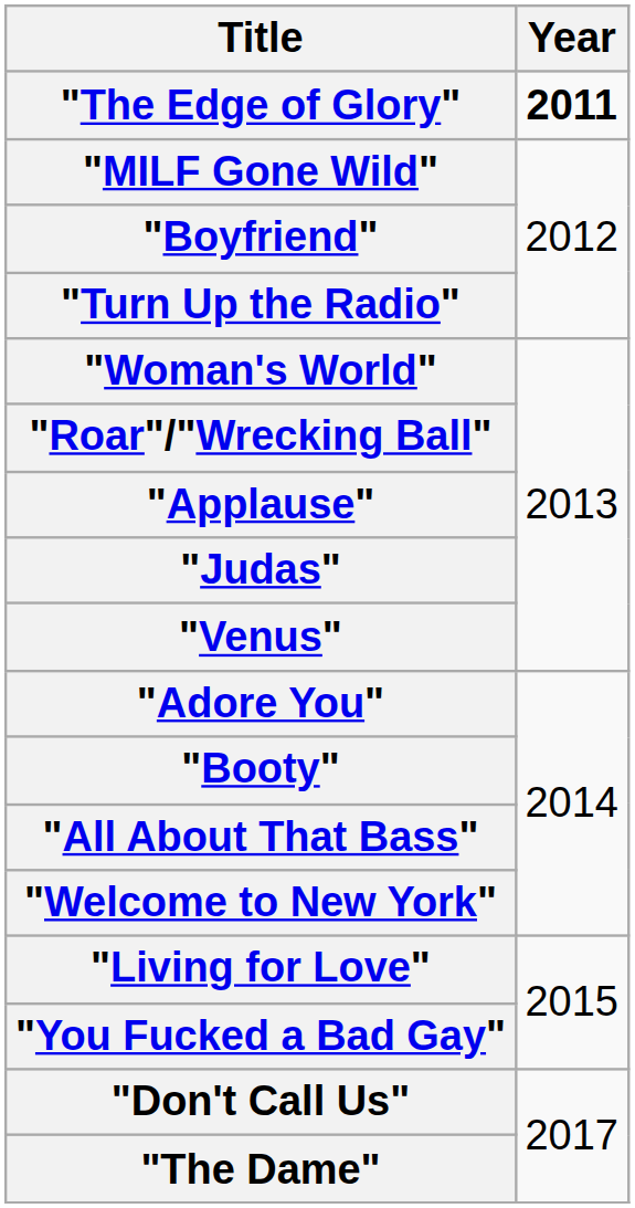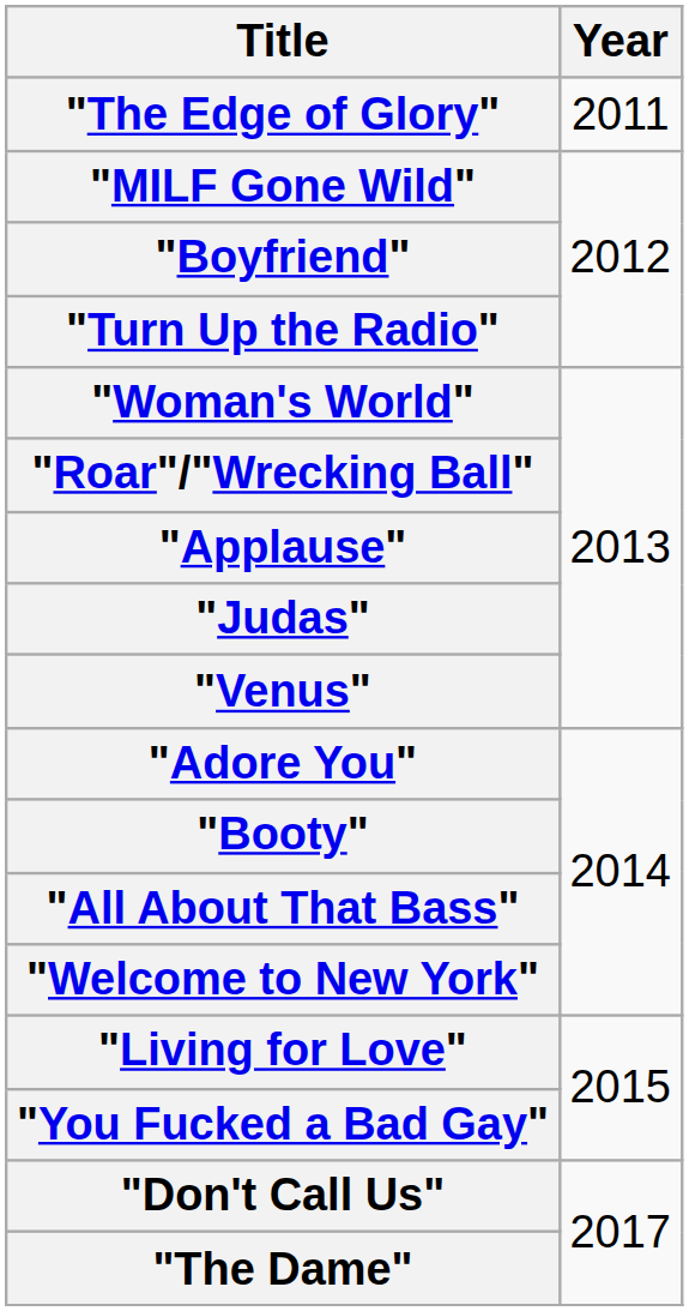 <table class="wikitable plainrowheaders" style="text-align:center;" border="1">
 <tr>
 <th scope="col">Title</th>
 <th scope="col">Year</th>
 </tr>
 <tr>
 <th scope="row">"<a href='#'>The Edge of Glory</a>"</th>
-<td><strong>2011</strong></td>
+<td>2011</td>
 </tr>
 <tr>
 <th scope="row">"<a href='#'>MILF Gone Wild</a>"</th>
 <td rowspan="3">2012</td>
 </tr>
 <tr>
 <th scope="row">"<a href='#'>Boyfriend</a>"</th>
 </tr>
 <tr>
 <th scope="row">"<a href='#'>Turn Up the Radio</a>"</th>
 </tr>
 <tr>
 <th scope="row">"<a href='#'>Woman's World</a>"</th>
 <td rowspan="5">2013</td>
 </tr>
 <tr>
 <th scope="row">"<a href='#'>Roar</a>"/"<a href='#'>Wrecking Ball</a>"</th>
 </tr>
 <tr>
 <th scope="row">"<a href='#'>Applause</a>"</th>
 </tr>
 <tr>
 <th scope="row">"<a href='#'>Judas</a>"</th>
 </tr>
 <tr>
 <th scope="row">"<a href='#'>Venus</a>"</th>
 </tr>
 <tr>
 <th scope="row">"<a href='#'>Adore You</a>"</th>
 <td rowspan="4">2014</td>
 </tr>
 <tr>
 <th scope="row">"<a href='#'>Booty</a>"</th>
 </tr>
 <tr>
 <th scope="row">"<a href='#'>All About That Bass</a>"</th>
 </tr>
 <tr>
 <th scope="row">"<a href='#'>Welcome to New York</a>"</th>
 </tr>
 <tr>
 <th scope="row">"<a href='#'>Living for Love</a>"</th>
 <td rowspan="2">2015</td>
 </tr>
 <tr>
 <th scope="row">"<a href='#'>You Fucked a Bad Gay</a>"</th>
 </tr>
 <tr>
 <th scope="row">"Don't Call Us"</th>
 <td rowspan="2">2017</td>
 </tr>
 <tr>
 <th scope="row">"The Dame"</th>
 </tr>
 <tr>
 </tr>
 </table>
